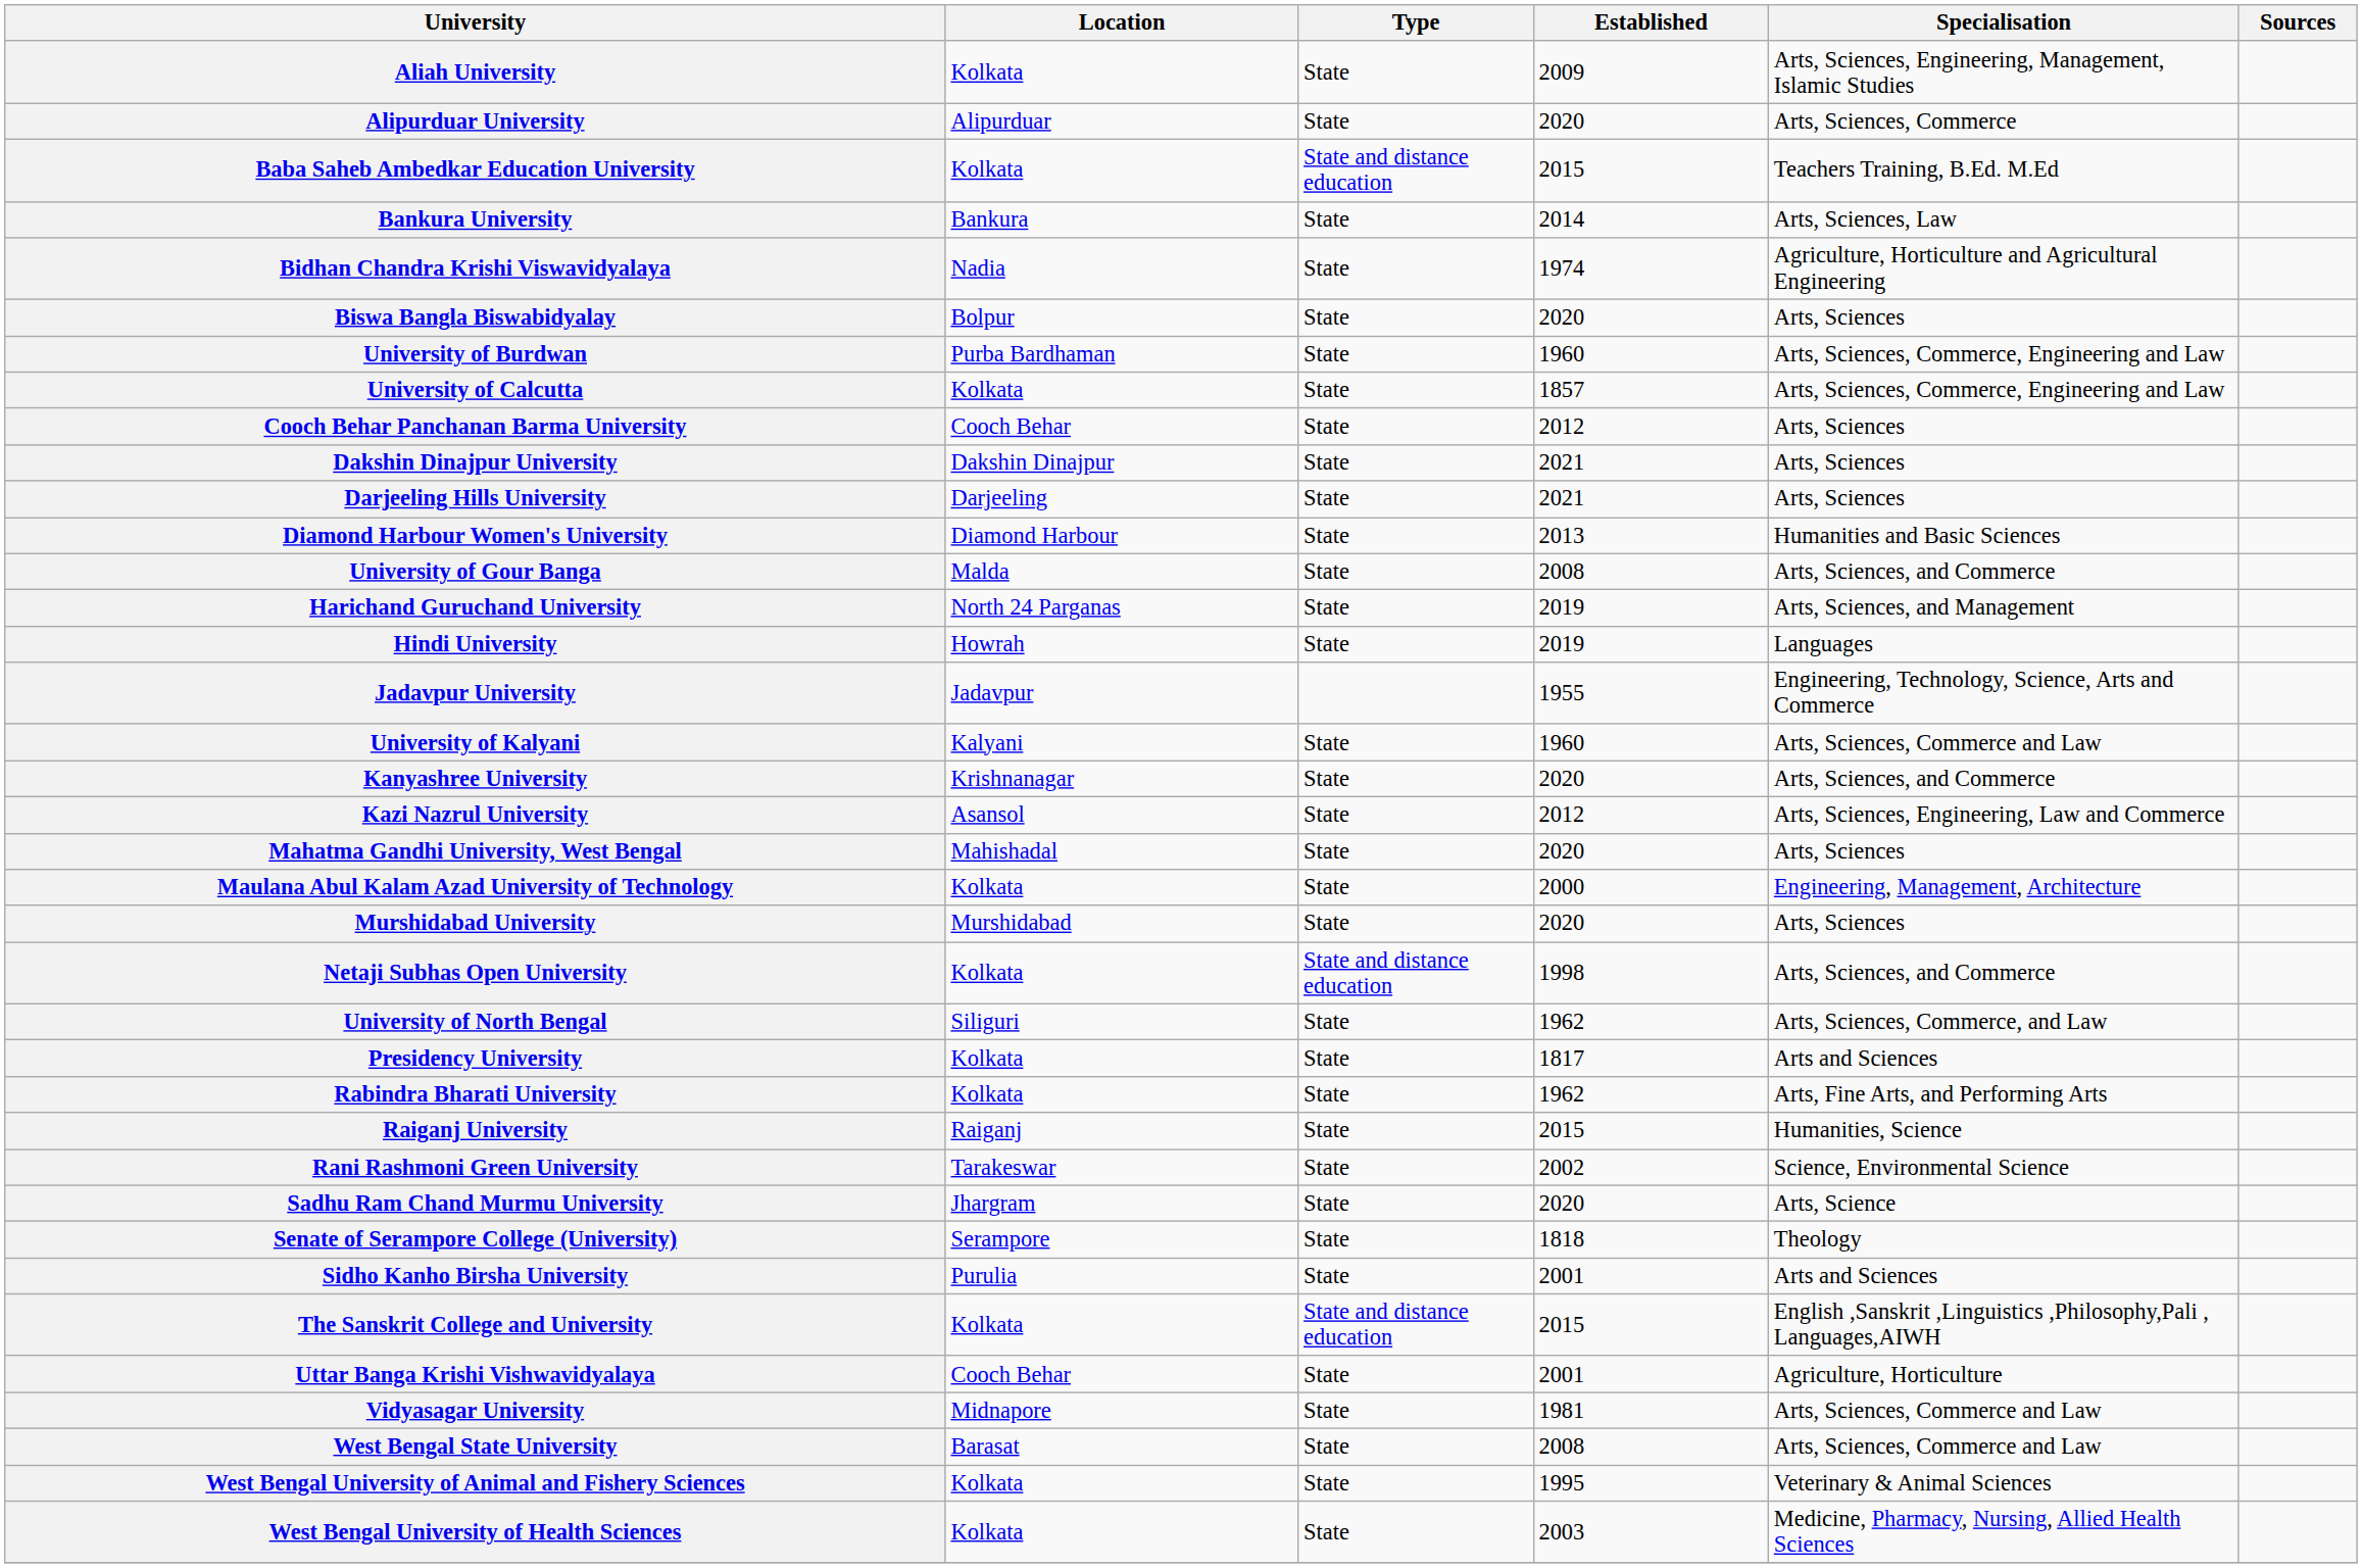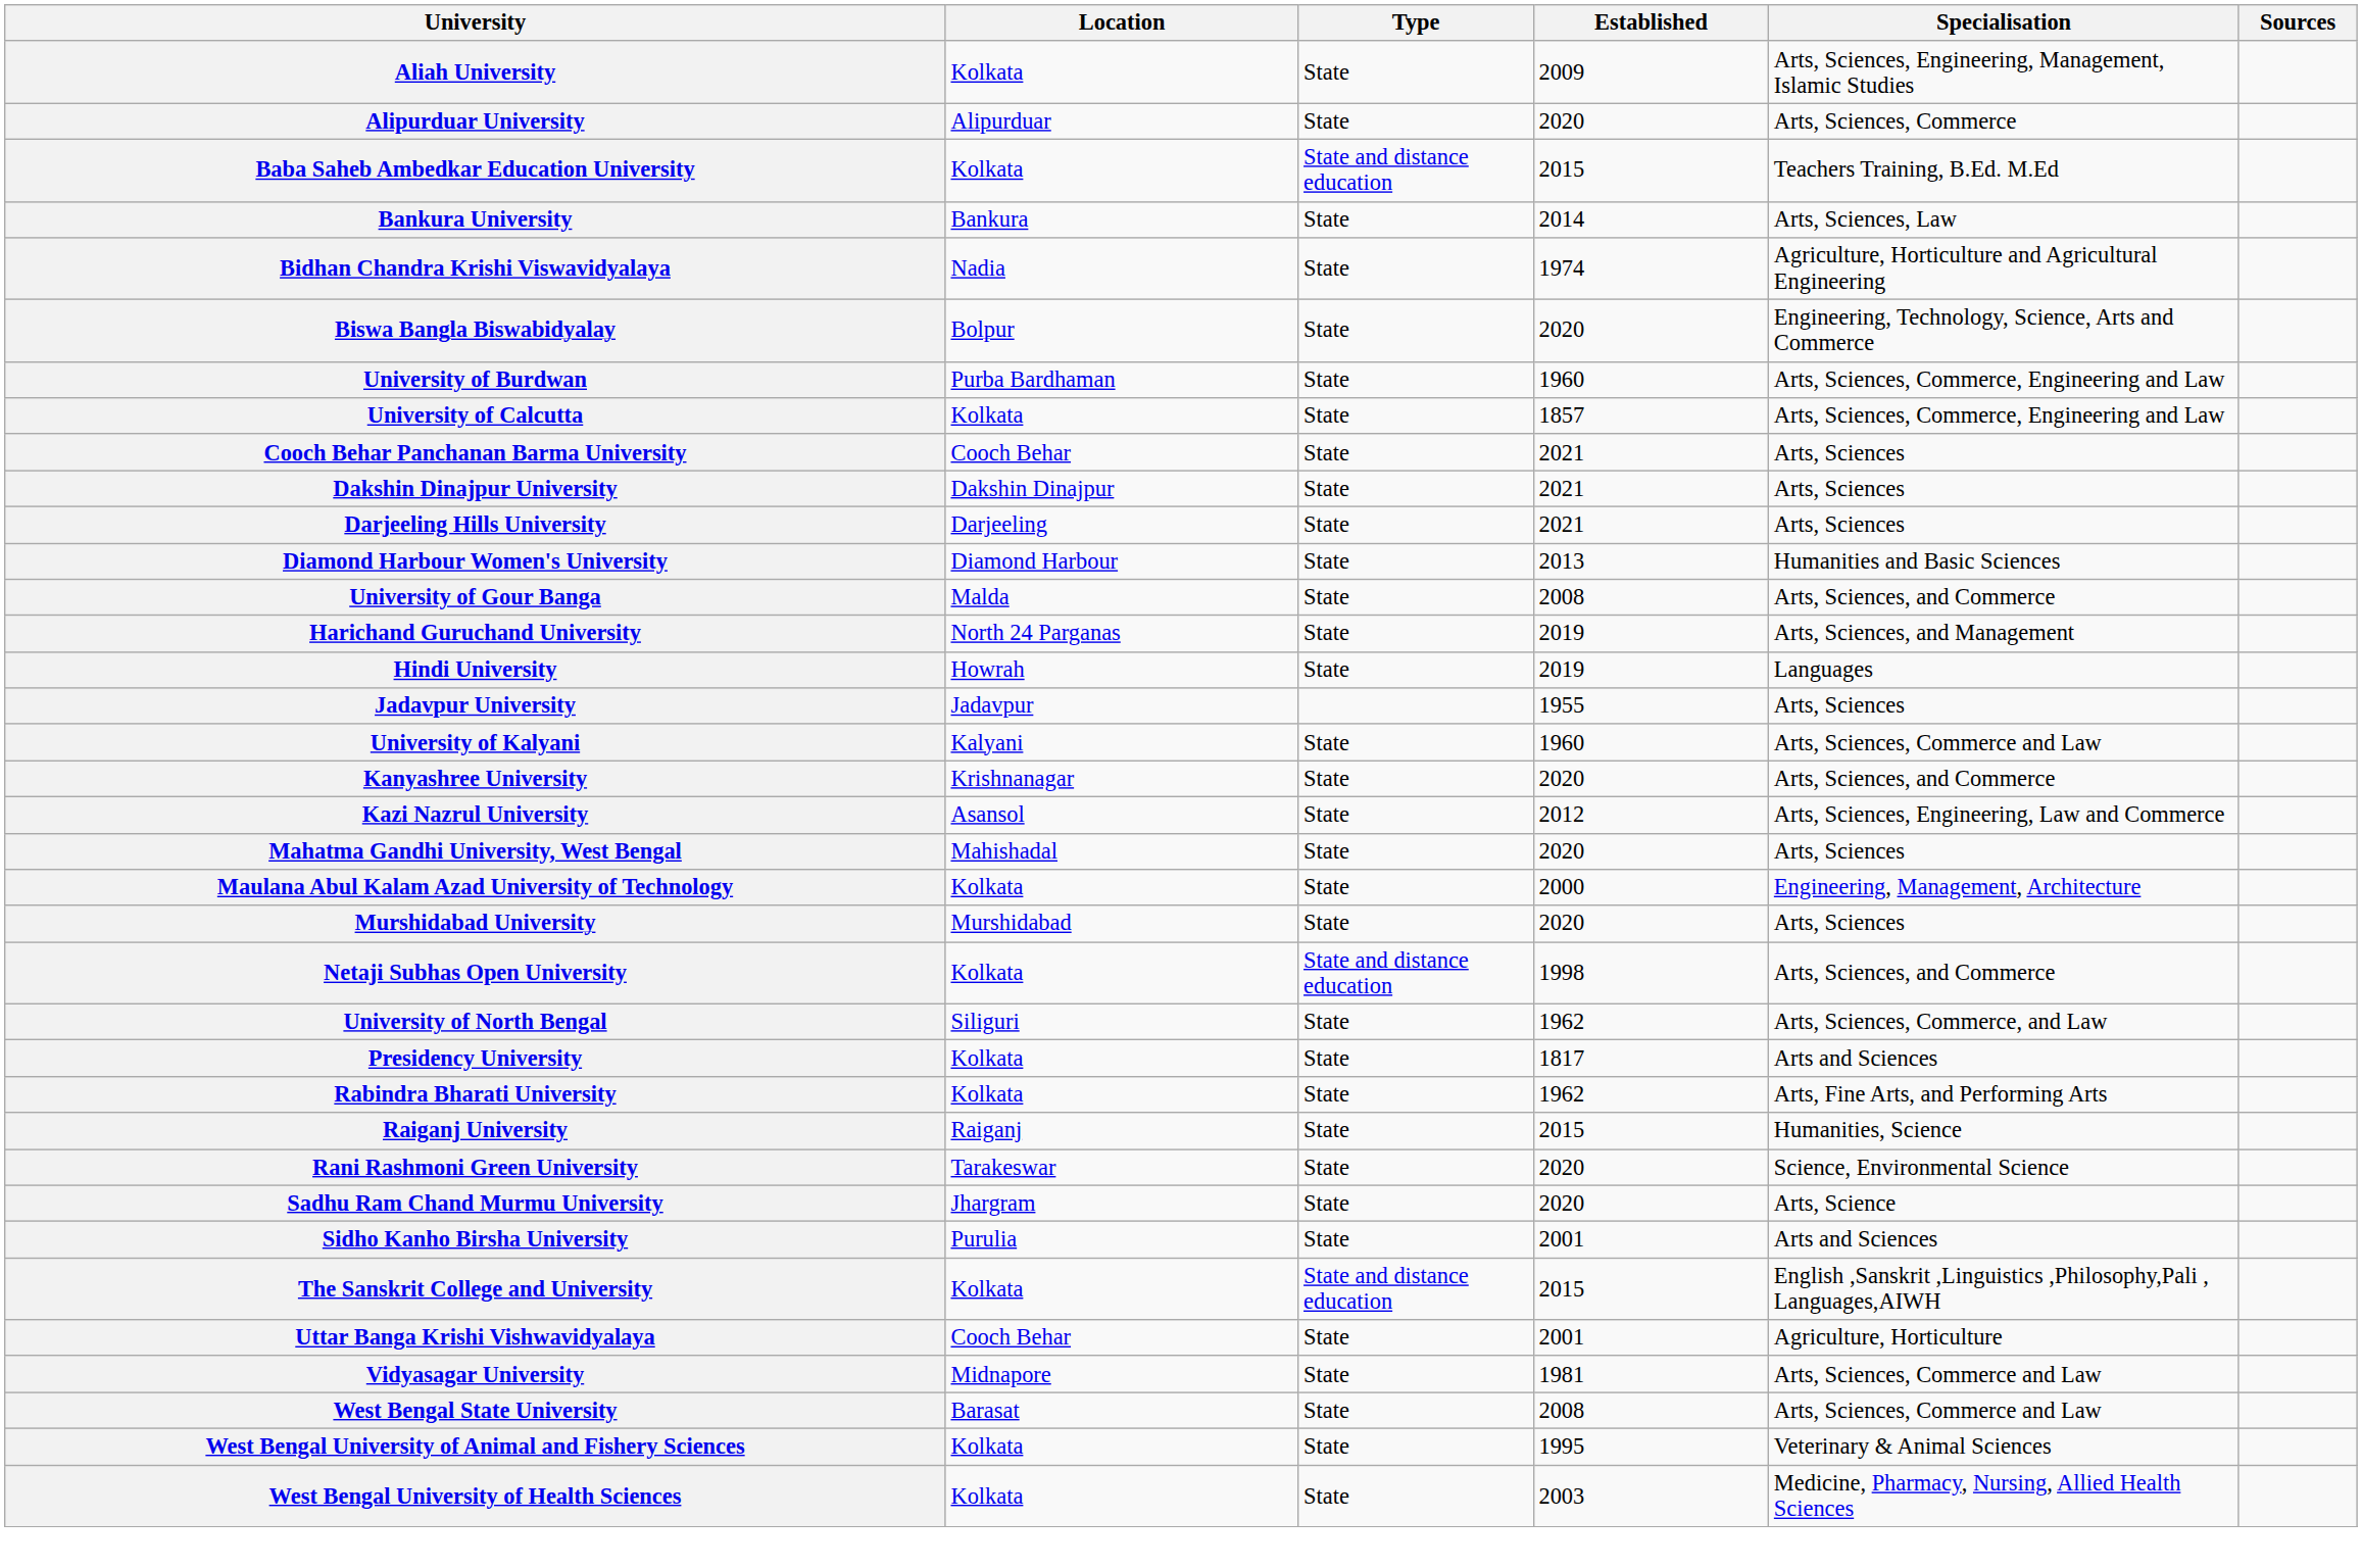 <table class="wikitable sortable static-row-numbers sticky-header collapsible plainrowheaders" style="-align:left; width:83%;">
 <tr>
 <th scope="col" style="width: 40%;">University</th>
 <th scope="col" style="width: 15%;">Location</th>
 <th scope="col" style="width: 10%;">Type</th>
 <th scope="col" style="width: 10%;">Established</th>
 <th scope="col" style="width: 20%;">Specialisation</th>
 <th scope="col" style="width: 05%;" class="unsortable">Sources</th>
 </tr>
 <tr>
 <th scope="row"><a href='#'>Aliah University</a></th>
 <td><a href='#'>Kolkata</a></td>
 <td>State</td>
 <td>2009</td>
 <td>Arts, Sciences, Engineering, Management, Islamic Studies</td>
 <td></td>
 </tr>
 <tr>
 <th scope="row"><a href='#'>Alipurduar University</a></th>
 <td><a href='#'>Alipurduar</a></td>
 <td>State</td>
 <td>2020</td>
 <td>Arts, Sciences, Commerce</td>
 <td></td>
 </tr>
 <tr>
 <th scope="row"><a href='#'>Baba Saheb Ambedkar Education University</a></th>
 <td><a href='#'>Kolkata</a></td>
 <td><a href='#'>State and distance education</a></td>
 <td>2015</td>
 <td>Teachers Training, B.Ed. M.Ed</td>
 <td></td>
 </tr>
 <tr>
 <th scope="row"><a href='#'>Bankura University</a></th>
 <td><a href='#'>Bankura</a></td>
 <td>State</td>
 <td>2014</td>
 <td>Arts, Sciences, Law</td>
 <td></td>
 </tr>
 <tr>
 <th scope="row"><a href='#'>Bidhan Chandra Krishi Viswavidyalaya</a></th>
 <td><a href='#'>Nadia</a></td>
 <td>State</td>
 <td>1974</td>
 <td>Agriculture, Horticulture and Agricultural Engineering</td>
 <td></td>
 </tr>
 <tr>
 <th scope="row"><a href='#'>Biswa Bangla Biswabidyalay</a></th>
 <td><a href='#'>Bolpur</a></td>
 <td>State</td>
 <td>2020</td>
-<td>Arts, Sciences</td>
+<td>Engineering, Technology, Science, Arts and Commerce</td>
 <td></td>
 </tr>
 <tr>
 <th scope="row"><a href='#'>University of Burdwan</a></th>
 <td><a href='#'>Purba Bardhaman</a></td>
 <td>State</td>
 <td>1960</td>
 <td>Arts, Sciences, Commerce, Engineering and Law</td>
 <td></td>
 </tr>
 <tr>
 <th scope="row"><a href='#'>University of Calcutta</a></th>
 <td><a href='#'>Kolkata</a></td>
 <td>State</td>
 <td>1857</td>
 <td>Arts, Sciences, Commerce, Engineering and Law</td>
 <td></td>
 </tr>
 <tr>
 <th scope="row"><a href='#'>Cooch Behar Panchanan Barma University</a></th>
 <td><a href='#'>Cooch Behar</a></td>
 <td>State</td>
-<td>2012</td>
+<td>2021</td>
 <td>Arts, Sciences</td>
 <td></td>
 </tr>
 <tr>
 <th scope="row"><a href='#'>Dakshin Dinajpur University</a></th>
 <td><a href='#'>Dakshin Dinajpur</a></td>
 <td>State</td>
 <td>2021</td>
 <td>Arts, Sciences</td>
 <td></td>
 </tr>
 <tr>
 <th scope="row"><a href='#'>Darjeeling Hills University</a></th>
 <td><a href='#'>Darjeeling</a></td>
 <td>State</td>
 <td>2021</td>
 <td>Arts, Sciences</td>
 <td></td>
 </tr>
 <tr>
 <th scope="row"><a href='#'>Diamond Harbour Women's University</a></th>
 <td><a href='#'>Diamond Harbour</a></td>
 <td>State</td>
 <td>2013</td>
 <td>Humanities and Basic Sciences</td>
 <td></td>
 </tr>
 <tr>
 <th scope="row"><a href='#'>University of Gour Banga</a></th>
 <td><a href='#'>Malda</a></td>
 <td>State</td>
 <td>2008</td>
 <td>Arts, Sciences, and Commerce</td>
 <td></td>
 </tr>
 <tr>
 <th scope="row"><a href='#'>Harichand Guruchand University</a></th>
 <td><a href='#'>North 24 Parganas</a></td>
 <td>State</td>
 <td>2019</td>
 <td>Arts, Sciences, and Management</td>
 <td></td>
 </tr>
 <tr>
 <th scope="row"><a href='#'>Hindi University</a></th>
 <td><a href='#'>Howrah</a></td>
 <td>State</td>
 <td>2019</td>
 <td>Languages</td>
 <td></td>
 </tr>
 <tr>
 <th scope="row"><a href='#'>Jadavpur University</a></th>
 <td><a href='#'>Jadavpur</a></td>
 <td></td>
 <td>1955</td>
-<td>Engineering, Technology, Science, Arts and Commerce</td>
+<td>Arts, Sciences</td>
 <td></td>
 </tr>
 <tr>
 <th scope="row"><a href='#'>University of Kalyani</a></th>
 <td><a href='#'>Kalyani</a></td>
 <td>State</td>
 <td>1960</td>
 <td>Arts, Sciences, Commerce and Law</td>
 <td></td>
 </tr>
 <tr>
 <th scope="row"><a href='#'>Kanyashree University</a></th>
 <td><a href='#'>Krishnanagar</a></td>
 <td>State</td>
 <td>2020</td>
 <td>Arts, Sciences, and Commerce</td>
 <td></td>
 </tr>
 <tr>
 <th scope="row"><a href='#'>Kazi Nazrul University</a></th>
 <td><a href='#'>Asansol</a></td>
 <td>State</td>
 <td>2012</td>
 <td>Arts, Sciences, Engineering, Law and Commerce</td>
 <td></td>
 </tr>
 <tr>
 <th scope="row"><a href='#'>Mahatma Gandhi University, West Bengal</a></th>
 <td><a href='#'>Mahishadal</a></td>
 <td>State</td>
 <td>2020</td>
 <td>Arts, Sciences</td>
 <td></td>
 </tr>
 <tr>
 <th scope="row"><a href='#'>Maulana Abul Kalam Azad University of Technology</a></th>
 <td><a href='#'>Kolkata</a></td>
 <td>State</td>
 <td>2000</td>
 <td><a href='#'>Engineering</a>, <a href='#'>Management</a>, <a href='#'>Architecture</a></td>
 <td></td>
 </tr>
 <tr>
 <th scope="row"><a href='#'>Murshidabad University</a></th>
 <td><a href='#'>Murshidabad</a></td>
 <td>State</td>
 <td>2020</td>
 <td>Arts, Sciences</td>
 <td></td>
 </tr>
 <tr>
 <th scope="row"><a href='#'>Netaji Subhas Open University</a></th>
 <td><a href='#'>Kolkata</a></td>
 <td><a href='#'>State and distance education</a></td>
 <td>1998</td>
 <td>Arts, Sciences, and Commerce</td>
 <td></td>
 </tr>
 <tr>
 <th scope="row"><a href='#'>University of North Bengal</a></th>
 <td><a href='#'>Siliguri</a></td>
 <td>State</td>
 <td>1962</td>
 <td>Arts, Sciences, Commerce, and Law</td>
 <td></td>
 </tr>
 <tr>
 <th scope="row"><a href='#'>Presidency University</a></th>
 <td><a href='#'>Kolkata</a></td>
 <td>State</td>
 <td>1817</td>
 <td>Arts and Sciences</td>
 <td></td>
 </tr>
 <tr>
 <th scope="row"><a href='#'>Rabindra Bharati University</a></th>
 <td><a href='#'>Kolkata</a></td>
 <td>State</td>
 <td>1962</td>
 <td>Arts, Fine Arts, and Performing Arts</td>
 <td></td>
 </tr>
 <tr>
 <th scope="row"><a href='#'>Raiganj University</a></th>
 <td><a href='#'>Raiganj</a></td>
 <td>State</td>
 <td>2015</td>
 <td>Humanities, Science</td>
 <td></td>
 </tr>
 <tr>
 <th scope="row"><a href='#'>Rani Rashmoni Green University</a></th>
 <td><a href='#'>Tarakeswar</a></td>
 <td>State</td>
-<td>2002</td>
+<td>2020</td>
 <td>Science, Environmental Science</td>
 <td></td>
 </tr>
 <tr>
 <th scope="row"><a href='#'>Sadhu Ram Chand Murmu University</a></th>
 <td><a href='#'>Jhargram</a></td>
 <td>State</td>
 <td>2020</td>
 <td>Arts, Science</td>
-<td></td>
-</tr>
-<tr>
-<th scope="row"><a href='#'>Senate of Serampore College (University)</a></th>
-<td><a href='#'>Serampore</a></td>
-<td>State</td>
-<td>1818</td>
-<td>Theology</td>
 <td></td>
 </tr>
 <tr>
 <th scope="row"><a href='#'>Sidho Kanho Birsha University</a></th>
 <td><a href='#'>Purulia</a></td>
 <td>State</td>
 <td>2001</td>
 <td>Arts and Sciences</td>
 <td></td>
 </tr>
 <tr>
 <th scope="row"><a href='#'>The Sanskrit College and University</a></th>
 <td><a href='#'>Kolkata</a></td>
 <td><a href='#'>State and distance education</a></td>
 <td>2015</td>
 <td>English ,Sanskrit ,Linguistics ,Philosophy,Pali , Languages,AIWH</td>
 <td></td>
 </tr>
 <tr>
 <th scope="row"><a href='#'>Uttar Banga Krishi Vishwavidyalaya</a></th>
 <td><a href='#'>Cooch Behar</a></td>
 <td>State</td>
 <td>2001</td>
 <td>Agriculture, Horticulture</td>
 <td></td>
 </tr>
 <tr>
 <th scope="row"><a href='#'>Vidyasagar University</a></th>
 <td><a href='#'>Midnapore</a></td>
 <td>State</td>
 <td>1981</td>
 <td>Arts, Sciences, Commerce and Law</td>
 <td></td>
 </tr>
 <tr>
 <th scope="row"><a href='#'>West Bengal State University</a></th>
 <td><a href='#'>Barasat</a></td>
 <td>State</td>
 <td>2008</td>
 <td>Arts, Sciences, Commerce and Law</td>
 <td></td>
 </tr>
 <tr>
 <th scope="row"><a href='#'>West Bengal University of Animal and Fishery Sciences</a></th>
 <td><a href='#'>Kolkata</a></td>
 <td>State</td>
 <td>1995</td>
 <td>Veterinary & Animal Sciences</td>
 <td></td>
 </tr>
 <tr>
 <th scope="row"><a href='#'>West Bengal University of Health Sciences</a></th>
 <td><a href='#'>Kolkata</a></td>
 <td>State</td>
 <td>2003</td>
 <td>Medicine, <a href='#'>Pharmacy</a>, <a href='#'>Nursing</a>, <a href='#'>Allied Health Sciences</a></td>
 <td></td>
 </tr>
 <tr>
 </tr>
 </table>
